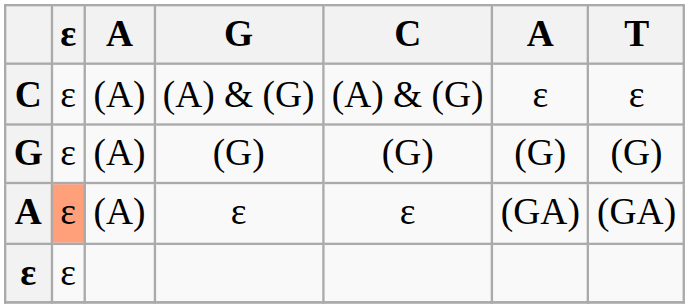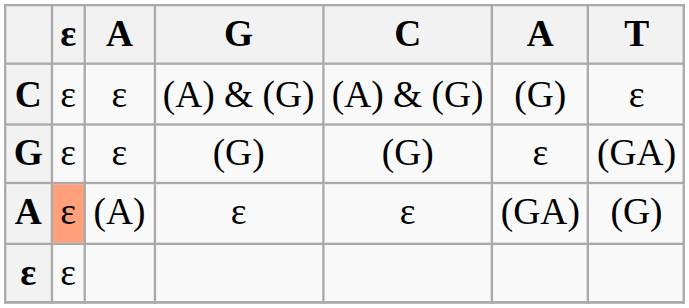 <table class="wikitable" style="text-align:center">
 <tr>
 <th></th>
 <th>ε</th>
 <th>A</th>
 <th>G</th>
 <th>C</th>
 <th>A</th>
 <th>T</th>
 </tr>
 <tr>
 <th>C</th>
 <td>ε</td>
-<td>(A)</td>
+<td>ε</td>
 <td>(A) & (G)</td>
 <td>(A) & (G)</td>
-<td>ε</td>
+<td>(G)</td>
 <td>ε</td>
 </tr>
 <tr>
 <th>G</th>
 <td>ε</td>
-<td>(A)</td>
+<td>ε</td>
 <td>(G)</td>
 <td>(G)</td>
-<td>(G)</td>
-<td>(G)</td>
+<td>ε</td>
+<td>(GA)</td>
 </tr>
 <tr>
 <th>A</th>
 <td style="background: lightsalmon;">ε</td>
 <td>(A)</td>
 <td>ε</td>
 <td>ε</td>
 <td>(GA)</td>
-<td>(GA)</td>
+<td>(G)</td>
 </tr>
 <tr>
 <th>ε</th>
 <td>ε</td>
 <td></td>
 <td></td>
 <td></td>
 <td></td>
 <td></td>
 </tr>
 <tr>
 </tr>
 </table>
